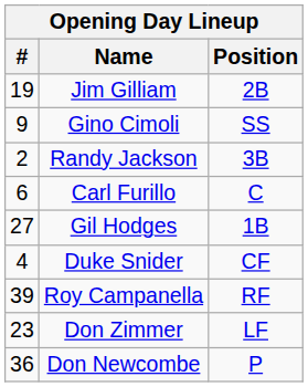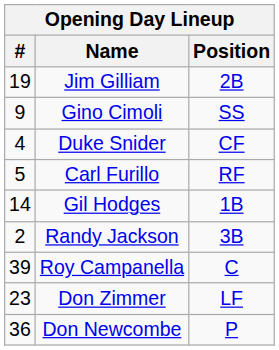 <table class="wikitable" style="text-align:center">
 <tr>
 <th colspan="3">Opening Day Lineup</th>
 </tr>
 <tr>
 <th>#</th>
 <th>Name</th>
 <th>Position</th>
 </tr>
 <tr>
 <td>19</td>
 <td><a href='#'>Jim Gilliam</a></td>
 <td><a href='#'>2B</a></td>
 </tr>
 <tr>
 <td>9</td>
 <td><a href='#'>Gino Cimoli</a></td>
 <td><a href='#'>SS</a></td>
 </tr>
 <tr>
+<td>4</td>
+<td><a href='#'>Duke Snider</a></td>
+<td><a href='#'>CF</a></td>
+</tr>
+<tr>
+<td>5</td>
+<td><a href='#'>Carl Furillo</a></td>
+<td><a href='#'>RF</a></td>
+</tr>
+<tr>
+<td>14</td>
+<td><a href='#'>Gil Hodges</a></td>
+<td><a href='#'>1B</a></td>
+</tr>
+<tr>
 <td>2</td>
 <td><a href='#'>Randy Jackson</a></td>
 <td><a href='#'>3B</a></td>
 </tr>
 <tr>
-<td>6</td>
-<td><a href='#'>Carl Furillo</a></td>
-<td><a href='#'>C</a></td>
-</tr>
-<tr>
-<td>27</td>
-<td><a href='#'>Gil Hodges</a></td>
-<td><a href='#'>1B</a></td>
-</tr>
-<tr>
-<td>4</td>
-<td><a href='#'>Duke Snider</a></td>
-<td><a href='#'>CF</a></td>
-</tr>
-<tr>
 <td>39</td>
 <td><a href='#'>Roy Campanella</a></td>
-<td><a href='#'>RF</a></td>
+<td><a href='#'>C</a></td>
 </tr>
 <tr>
 <td>23</td>
 <td><a href='#'>Don Zimmer</a></td>
 <td><a href='#'>LF</a></td>
 </tr>
 <tr>
 <td>36</td>
 <td><a href='#'>Don Newcombe</a></td>
 <td><a href='#'>P</a></td>
 </tr>
 </table>
